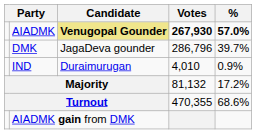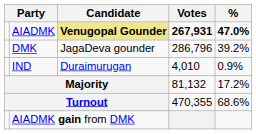 <table class="wikitable sortable">
 <tr>
 <th colspan="2">Party</th>
 <th>Candidate</th>
 <th>Votes</th>
 <th>%</th>
 </tr>
 <tr>
 <td></td>
 <td><a href='#'>AIADMK</a></td>
 <td style="background: khaki;"><strong>Venugopal Gounder</strong></td>
-<td><strong>267,930</strong></td>
-<td><strong>57.0%</strong></td>
+<td><strong>267,931</strong></td>
+<td><strong>47.0%</strong></td>
 </tr>
 <tr>
 <td></td>
 <td><a href='#'>DMK</a></td>
 <td>JagaDeva gounder</td>
 <td>286,796</td>
-<td>39.7%</td>
+<td>39.2%</td>
 </tr>
 <tr>
 <td></td>
 <td><a href='#'>IND</a></td>
 <td><a href='#'>Duraimurugan</a></td>
 <td>4,010</td>
 <td>0.9%</td>
 </tr>
 <tr>
 <th colspan="3">Majority</th>
 <td>81,132</td>
 <td>17.2%</td>
 </tr>
 <tr>
 <th colspan="3"><a href='#'>Turnout</a></th>
 <td>470,355</td>
 <td>68.6%</td>
 </tr>
 <tr>
 <td></td>
 <td colspan="2"><a href='#'>AIADMK</a> <strong>gain</strong> from <a href='#'>DMK</a></td>
 <th></th>
 <td></td>
 </tr>
 </table>
